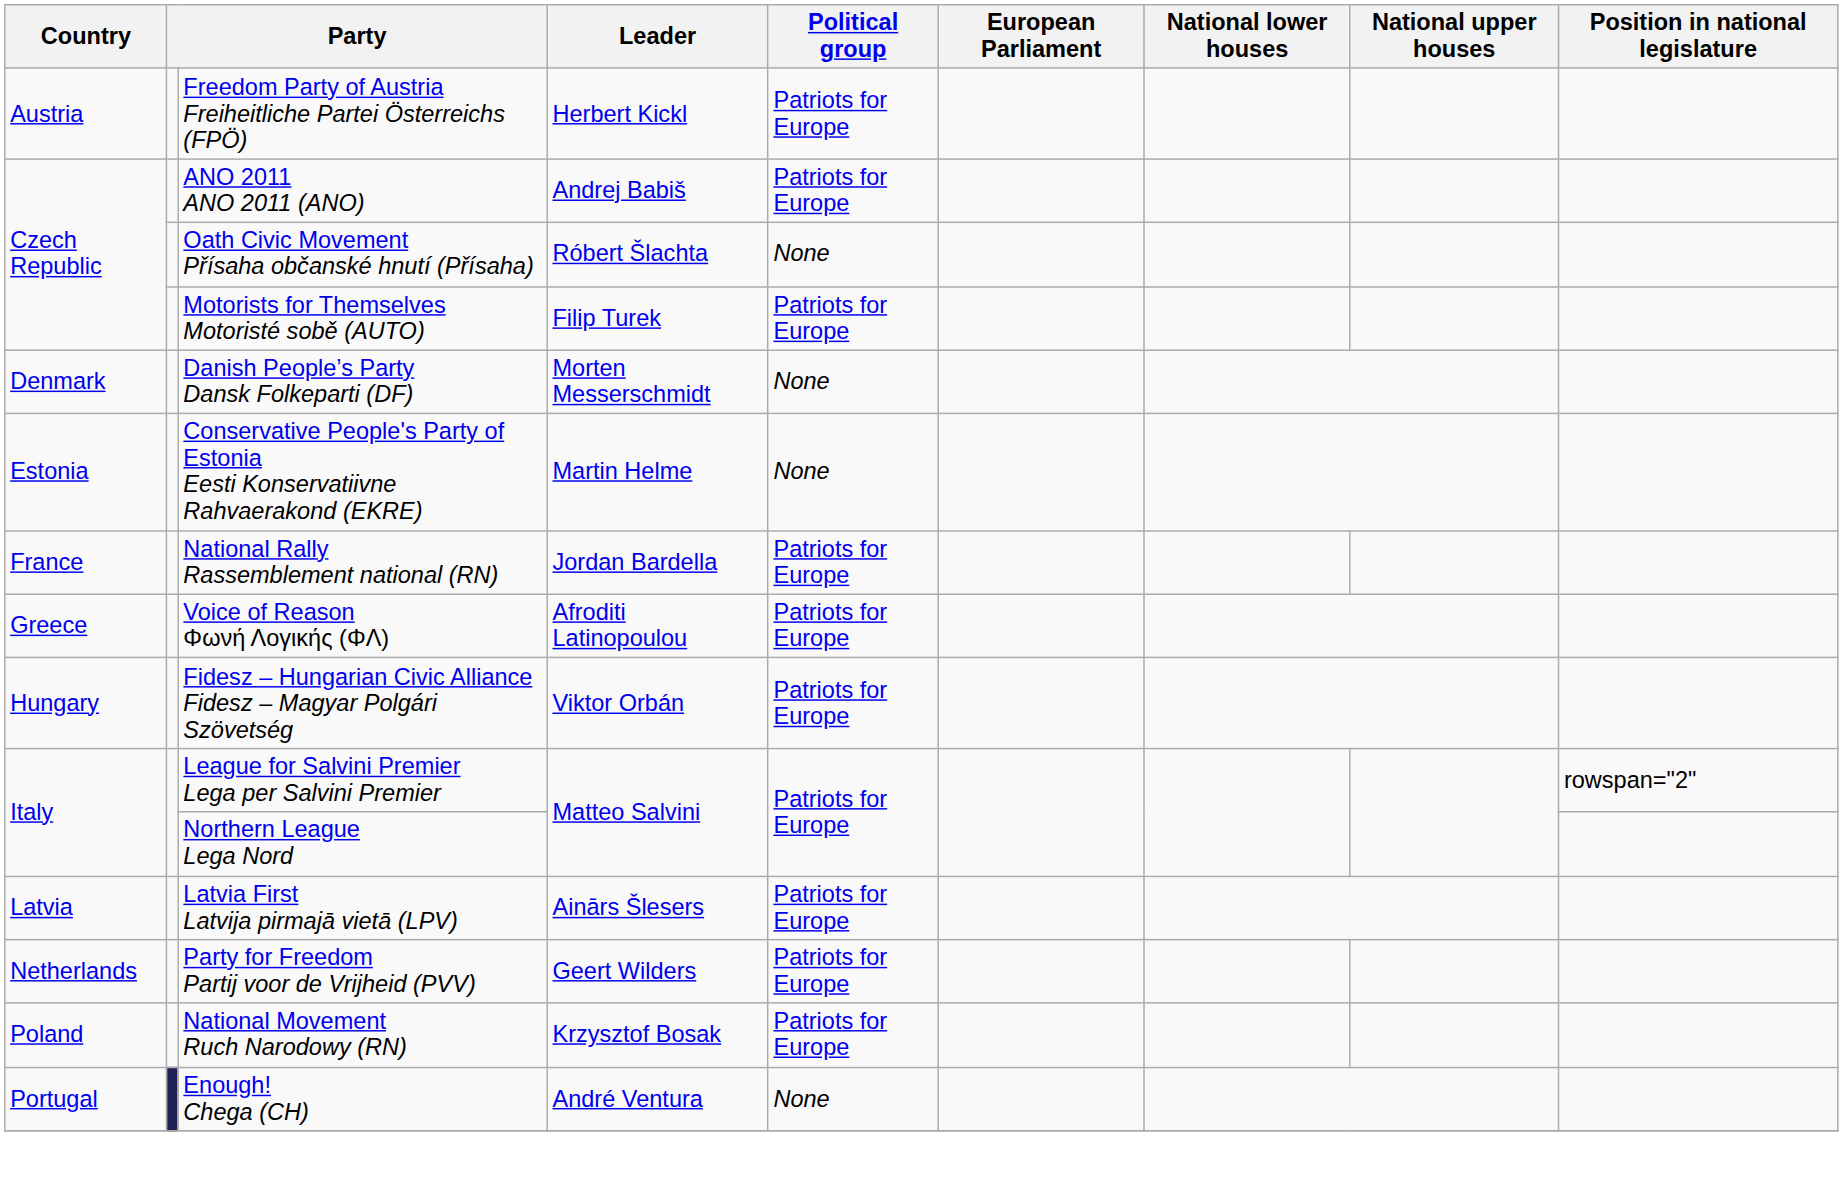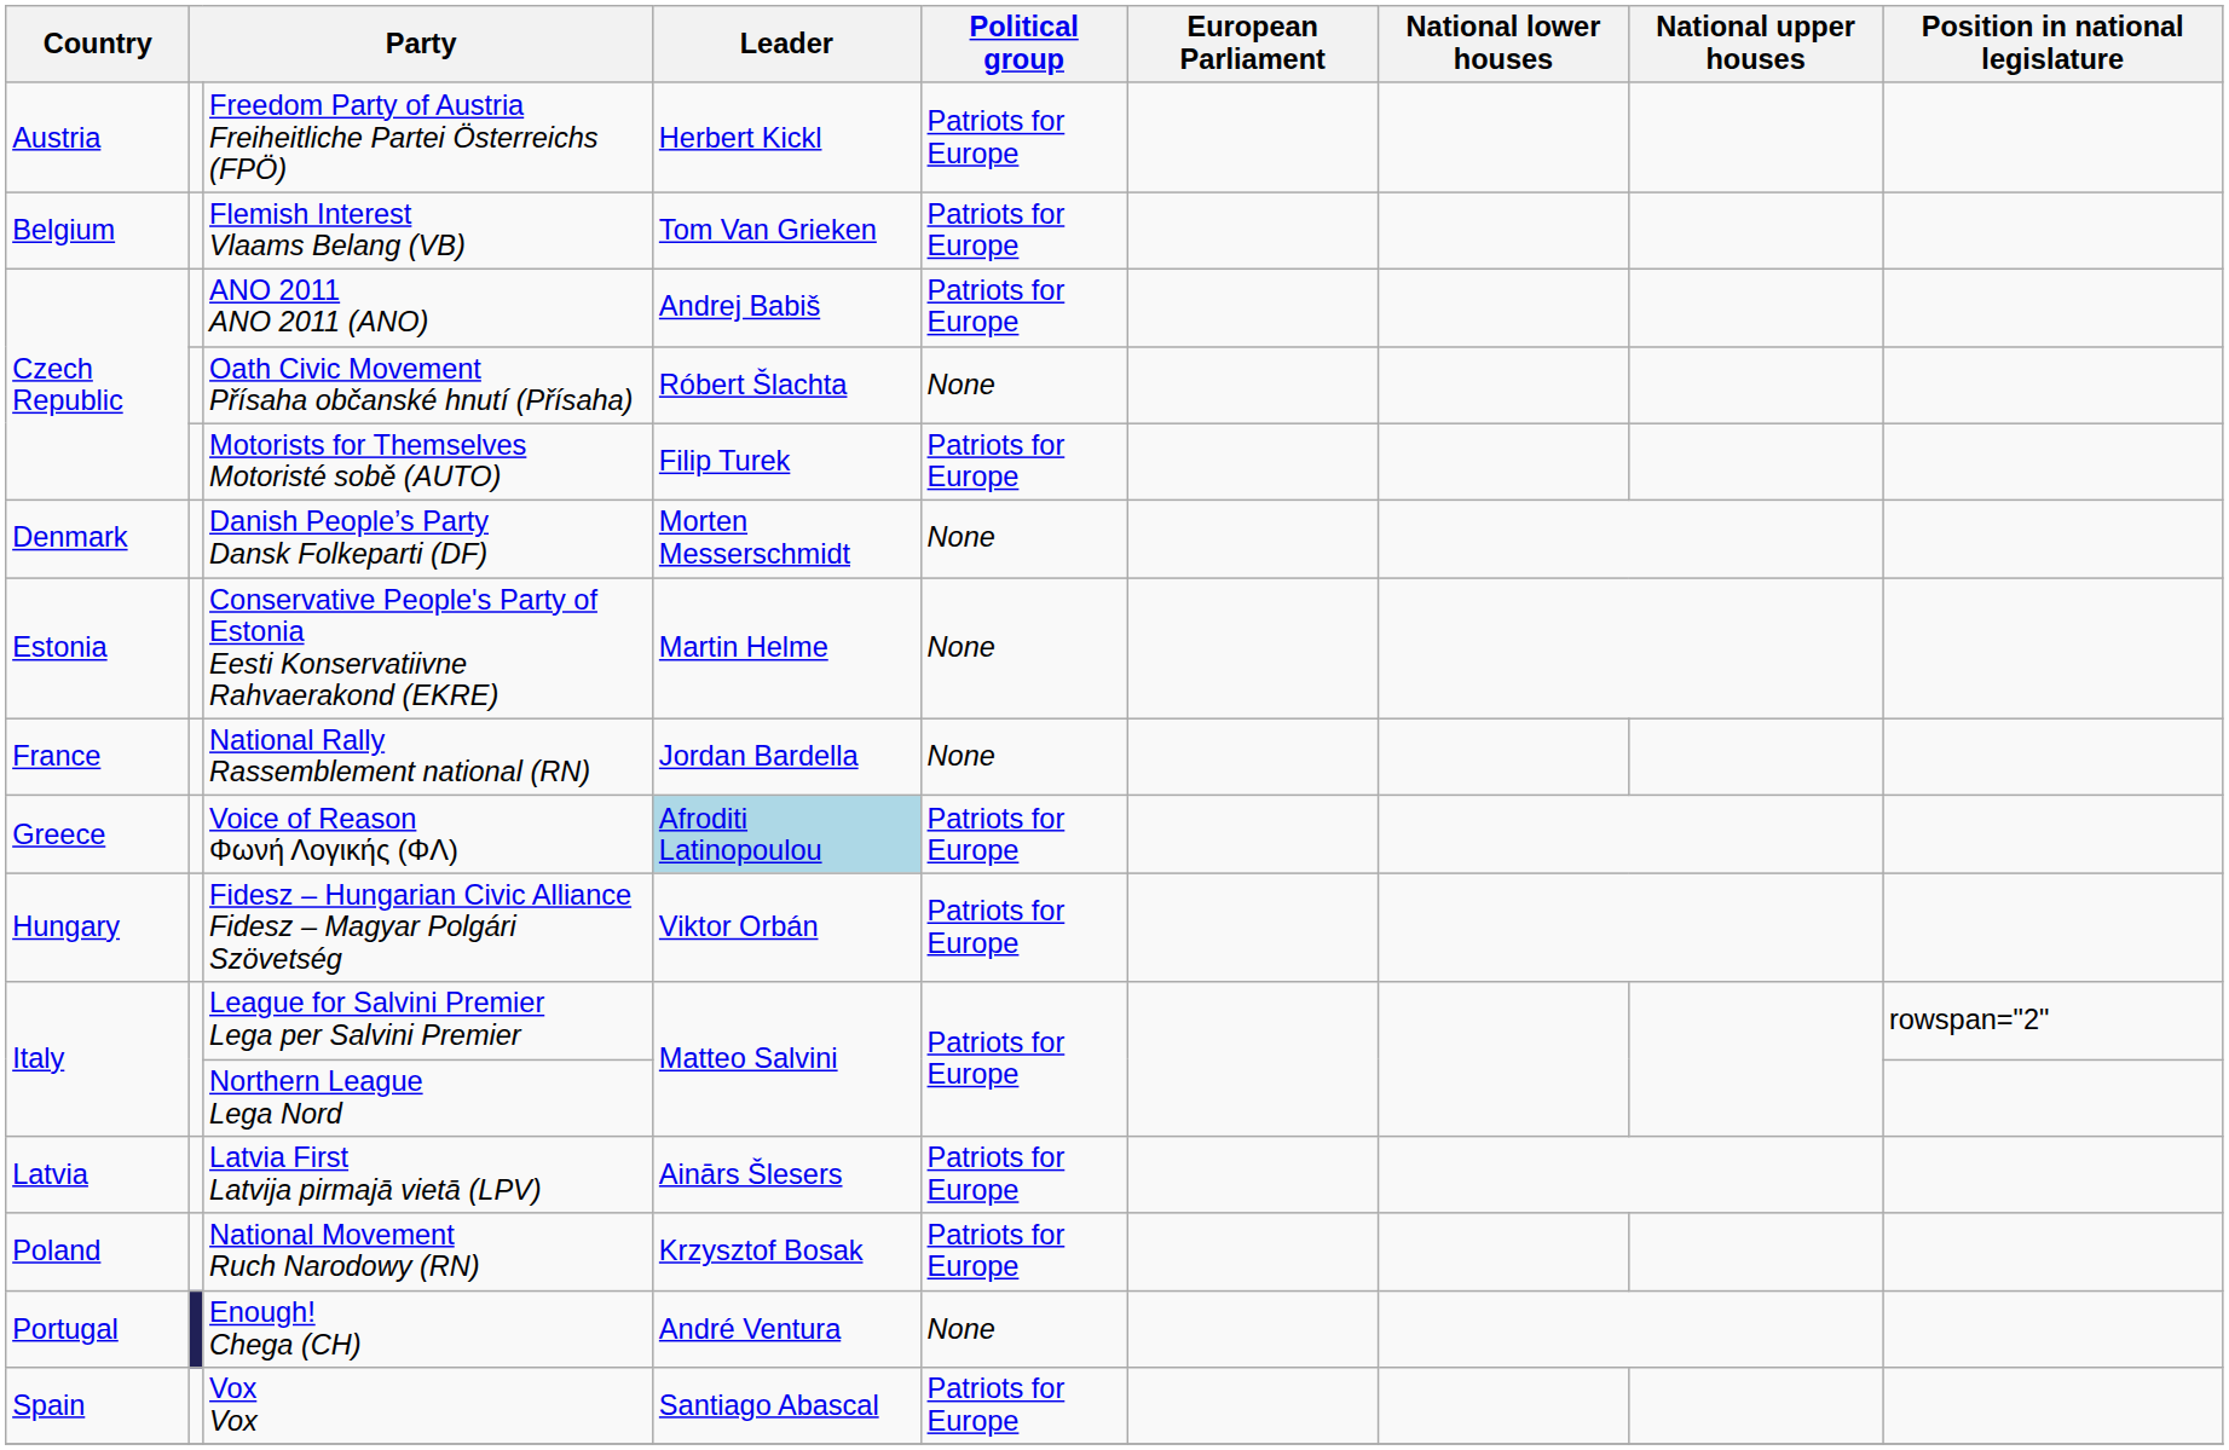 <table class="wikitable sortable">
 <tr>
 <th>Country</th>
 <th colspan="2" style="width:200px">Party</th>
 <th>Leader</th>
 <th><a href='#'>Political group</a></th>
 <th>European Parliament</th>
 <th>National lower houses</th>
 <th>National upper houses</th>
 <th>Position in national legislature</th>
 </tr>
 <tr>
 <td> <a href='#'>Austria</a></td>
 <td style="background:"></td>
 <td><a href='#'>Freedom Party of Austria</a><br><em>Freiheitliche Partei Österreichs (FPÖ)</em></td>
 <td><a href='#'>Herbert Kickl</a></td>
+<td><a href='#'>Patriots for Europe</a></td>
+<td></td>
+<td></td>
+<td></td>
+<td></td>
+</tr>
+<tr>
+<td> <a href='#'>Belgium</a></td>
+<td style="background:"></td>
+<td><a href='#'>Flemish Interest</a><br><em>Vlaams Belang (VB)</em></td>
+<td><a href='#'>Tom Van Grieken</a></td>
 <td><a href='#'>Patriots for Europe</a></td>
 <td></td>
 <td></td>
 <td></td>
 <td></td>
 </tr>
 <tr>
 <td rowspan=3> <a href='#'>Czech Republic</a></td>
 <td style="background:"></td>
 <td><a href='#'>ANO 2011</a><br><em>ANO 2011 (ANO)</em></td>
 <td><a href='#'>Andrej Babiš</a></td>
 <td><a href='#'>Patriots for Europe</a></td>
 <td></td>
 <td></td>
 <td></td>
 <td></td>
 </tr>
 <tr>
 <td style="background:"></td>
 <td><a href='#'>Oath Civic Movement</a><br><em>Přísaha občanské hnutí (Přísaha)</em></td>
 <td><a href='#'>Róbert Šlachta</a></td>
 <td><em>None</em></td>
 <td></td>
 <td></td>
 <td></td>
 <td></td>
 </tr>
 <tr>
 <td style="background:"></td>
 <td><a href='#'>Motorists for Themselves</a><br><em>Motoristé sobě (AUTO)</em></td>
 <td><a href='#'>Filip Turek</a></td>
 <td><a href='#'>Patriots for Europe</a></td>
 <td></td>
 <td></td>
 <td></td>
 <td></td>
 </tr>
 <tr>
 <td> <a href='#'>Denmark</a></td>
 <td style="background:"></td>
 <td><a href='#'>Danish People’s Party</a><br><em>Dansk Folkeparti (DF)</em></td>
 <td><a href='#'>Morten Messerschmidt</a></td>
 <td><em>None</em></td>
 <td></td>
 <td colspan="2"></td>
 <td></td>
 </tr>
 <tr>
 <td> <a href='#'>Estonia</a></td>
 <td style="background:"></td>
 <td><a href='#'>Conservative People's Party of Estonia</a><br><em>Eesti Konservatiivne Rahvaerakond (EKRE)</em></td>
 <td><a href='#'>Martin Helme</a></td>
 <td><em>None</em></td>
 <td></td>
 <td colspan="2"></td>
 <td></td>
 </tr>
 <tr>
 <td> <a href='#'>France</a></td>
 <td style="background:"></td>
 <td><a href='#'>National Rally</a><br><em>Rassemblement national (RN)</em></td>
 <td><a href='#'>Jordan Bardella</a></td>
-<td><a href='#'>Patriots for Europe</a></td>
+<td><em>None</em></td>
 <td></td>
 <td></td>
 <td></td>
 <td></td>
 </tr>
 <tr>
 <td> <a href='#'>Greece</a></td>
 <td style="background:"></td>
 <td><a href='#'>Voice of Reason</a><br>Φωνή Λογικής (ΦΛ)</td>
-<td><a href='#'>Afroditi Latinopoulou</a></td>
+<td style="background: lightblue;"><a href='#'>Afroditi Latinopoulou</a></td>
 <td><a href='#'>Patriots for Europe</a></td>
 <td></td>
 <td colspan="2"></td>
 <td></td>
 </tr>
 <tr>
 <td> <a href='#'>Hungary</a></td>
 <td style="background:"></td>
 <td><a href='#'>Fidesz – Hungarian Civic Alliance</a><br><em>Fidesz – Magyar Polgári Szövetség</em></td>
 <td><a href='#'>Viktor Orbán</a></td>
 <td><a href='#'>Patriots for Europe</a></td>
 <td></td>
 <td colspan="2"></td>
 <td></td>
 </tr>
 <tr>
 <td rowspan="2"> <a href='#'>Italy</a></td>
 <td rowspan="2" style="background:"></td>
 <td><a href='#'>League for Salvini Premier</a><br><em>Lega per Salvini Premier</em></td>
 <td rowspan="2"><a href='#'>Matteo Salvini</a></td>
 <td rowspan="2"><a href='#'>Patriots for Europe</a></td>
 <td rowspan="2"></td>
 <td rowspan="2"></td>
 <td rowspan="2"></td>
 <td>rowspan="2" </td>
 </tr>
 <tr>
 <td><a href='#'>Northern League</a><br><em>Lega Nord</em></td>
 </tr>
 <tr>
 <td> <a href='#'>Latvia</a></td>
 <td style="background:"></td>
 <td><a href='#'>Latvia First</a><br><em>Latvija pirmajā vietā (LPV)</em></td>
 <td><a href='#'>Ainārs Šlesers</a></td>
 <td><a href='#'>Patriots for Europe</a></td>
 <td></td>
 <td colspan="2"></td>
 <td></td>
 </tr>
 <tr>
-<td> <a href='#'>Netherlands</a></td>
-<td style="background:"></td>
-<td><a href='#'>Party for Freedom</a><br><em>Partij voor de Vrijheid (PVV)</em></td>
-<td><a href='#'>Geert Wilders</a></td>
-<td><a href='#'>Patriots for Europe</a></td>
-<td></td>
-<td></td>
-<td></td>
-<td></td>
-</tr>
-<tr>
 <td> <a href='#'>Poland</a></td>
 <td style="background:"></td>
 <td><a href='#'>National Movement</a><br><em>Ruch Narodowy (RN)</em></td>
 <td><a href='#'>Krzysztof Bosak</a></td>
 <td><a href='#'>Patriots for Europe</a></td>
 <td></td>
 <td></td>
 <td></td>
 <td></td>
 </tr>
 <tr>
 <td> <a href='#'>Portugal</a></td>
 <td style="background:#202056"></td>
 <td><a href='#'>Enough!</a><br><em>Chega (CH)</em></td>
 <td><a href='#'>André Ventura</a></td>
 <td><em>None</em></td>
 <td></td>
 <td colspan="2"></td>
 <td></td>
 </tr>
 <tr>
+<td> <a href='#'>Spain</a></td>
+<td style="background:"></td>
+<td><a href='#'>Vox</a><br><em>Vox</em></td>
+<td><a href='#'>Santiago Abascal</a></td>
+<td><a href='#'>Patriots for Europe</a></td>
+<td></td>
+<td></td>
+<td></td>
+<td></td>
+</tr>
+<tr>
 </tr>
 </table>
